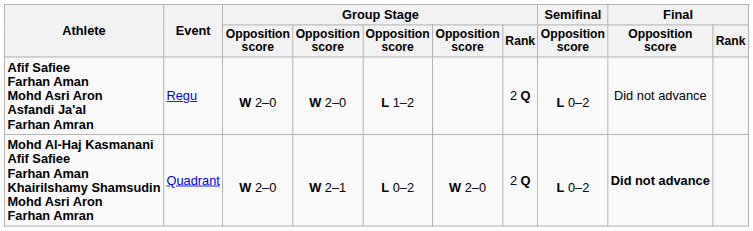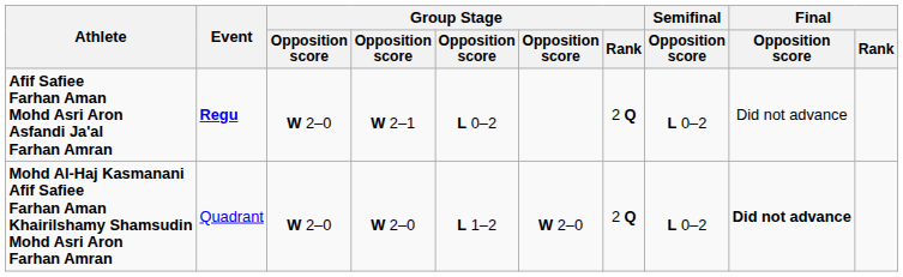 <table class=wikitable style=font-size:90%;text-align:center>
 <tr>
 <th rowspan="2">Athlete</th>
 <th rowspan="2">Event</th>
 <th colspan=5>Group Stage</th>
 <th>Semifinal</th>
 <th colspan=2>Final</th>
 </tr>
 <tr style="font-size:95%">
 <th>Opposition<br>score</th>
 <th>Opposition<br>score</th>
 <th>Opposition<br>score</th>
 <th>Opposition<br>score</th>
 <th>Rank</th>
 <th>Opposition<br>score</th>
 <th>Opposition<br>score</th>
 <th>Rank</th>
 </tr>
 <tr>
 <td align=left><strong>Afif Safiee<br>Farhan Aman<br>Mohd Asri Aron<br>Asfandi Ja'al<br>Farhan Amran</strong></td>
-<td align=left><a href='#'>Regu</a></td>
+<td align=left><strong><a href='#'>Regu</a></strong></td>
 <td><br><strong>W</strong> 2–0</td>
-<td><br><strong>W</strong> 2–0</td>
-<td><br><strong>L</strong> 1–2</td>
+<td><br><strong>W</strong> 2–1</td>
+<td><br><strong>L</strong> 0–2</td>
 <td></td>
 <td>2 <strong>Q</strong></td>
 <td><br><strong>L</strong> 0–2</td>
 <td>Did not advance</td>
 <td></td>
 </tr>
 <tr>
 <td align=left><strong>Mohd Al-Haj Kasmanani<br>Afif Safiee<br>Farhan Aman<br>Khairilshamy Shamsudin<br>Mohd Asri Aron<br>Farhan Amran</strong></td>
 <td align=left><a href='#'>Quadrant</a></td>
 <td><br><strong>W</strong> 2–0</td>
-<td><br><strong>W</strong> 2–1</td>
-<td><br><strong>L</strong> 0–2</td>
+<td><br><strong>W</strong> 2–0</td>
+<td><br><strong>L</strong> 1–2</td>
 <td><br><strong>W</strong> 2–0</td>
 <td>2 <strong>Q</strong></td>
 <td><br><strong>L</strong> 0–2</td>
 <td><strong>Did not advance</strong></td>
 <td></td>
 </tr>
 </table>
